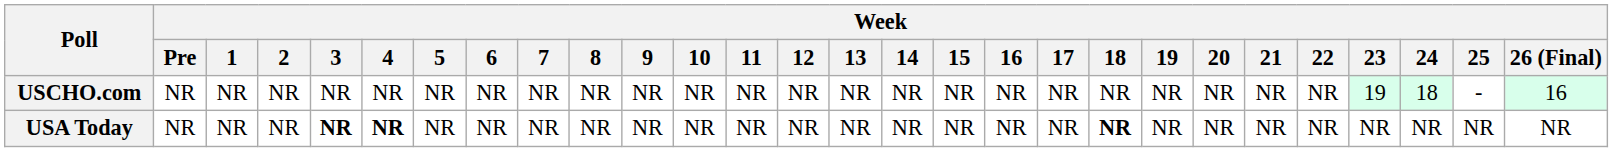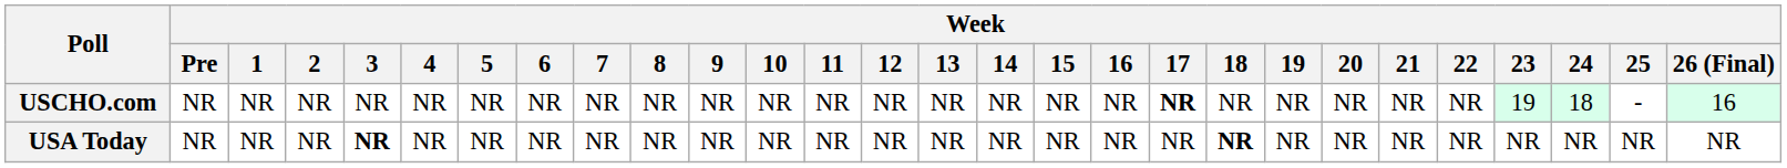 <table class="wikitable" style="white-space:nowrap;">
 <tr>
 <th scope="col" width="100" rowspan="2">Poll</th>
 <th colspan="30">Week</th>
 </tr>
 <tr>
 <th scope="col" width="30">Pre</th>
 <th scope="col" width="30">1</th>
 <th scope="col" width="30">2</th>
 <th scope="col" width="30">3</th>
 <th scope="col" width="30">4</th>
 <th scope="col" width="30">5</th>
 <th scope="col" width="30">6</th>
 <th scope="col" width="30">7</th>
 <th scope="col" width="30">8</th>
 <th scope="col" width="30">9</th>
 <th scope="col" width="30">10</th>
 <th scope="col" width="30">11</th>
 <th scope="col" width="30">12</th>
 <th scope="col" width="30">13</th>
 <th scope="col" width="30">14</th>
 <th scope="col" width="30">15</th>
 <th scope="col" width="30">16</th>
 <th scope="col" width="30">17</th>
 <th scope="col" width="30">18</th>
 <th scope="col" width="30">19</th>
 <th scope="col" width="30">20</th>
 <th scope="col" width="30">21</th>
 <th scope="col" width="30">22</th>
 <th scope="col" width="30">23</th>
 <th scope="col" width="30">24</th>
 <th scope="col" width="30">25</th>
 <th scope="col" width="30">26 (Final)</th>
 </tr>
 <tr style="text-align:center;">
 <th>USCHO.com</th>
 <td bgcolor=FFFFFF>NR</td>
 <td bgcolor=FFFFFF>NR</td>
 <td bgcolor=FFFFFF>NR</td>
 <td bgcolor=FFFFFF>NR</td>
 <td bgcolor=FFFFFF>NR</td>
 <td bgcolor=FFFFFF>NR</td>
 <td bgcolor=FFFFFF>NR</td>
 <td bgcolor=FFFFFF>NR</td>
 <td bgcolor=FFFFFF>NR</td>
 <td bgcolor=FFFFFF>NR</td>
 <td bgcolor=FFFFFF>NR</td>
 <td bgcolor=FFFFFF>NR</td>
 <td bgcolor=FFFFFF>NR</td>
 <td bgcolor=FFFFFF>NR</td>
 <td bgcolor=FFFFFF>NR</td>
 <td bgcolor=FFFFFF>NR</td>
 <td bgcolor=FFFFFF>NR</td>
-<td bgcolor=FFFFFF>NR</td>
+<td bgcolor=FFFFFF><strong>NR</strong></td>
 <td bgcolor=FFFFFF>NR</td>
 <td bgcolor=FFFFFF>NR</td>
 <td bgcolor=FFFFFF>NR</td>
 <td bgcolor=FFFFFF>NR</td>
 <td bgcolor=FFFFFF>NR</td>
 <td bgcolor=D8FFEB>19</td>
 <td bgcolor=D8FFEB>18</td>
 <td bgcolor=FFFFFF>-</td>
 <td bgcolor=D8FFEB>16</td>
 </tr>
 <tr style="text-align:center;">
 <th>USA Today</th>
 <td bgcolor=FFFFFF>NR</td>
 <td bgcolor=FFFFFF>NR</td>
 <td bgcolor=FFFFFF>NR</td>
 <td bgcolor=FFFFFF><strong>NR</strong></td>
-<td bgcolor=FFFFFF><strong>NR</strong></td>
+<td bgcolor=FFFFFF>NR</td>
 <td bgcolor=FFFFFF>NR</td>
 <td bgcolor=FFFFFF>NR</td>
 <td bgcolor=FFFFFF>NR</td>
 <td bgcolor=FFFFFF>NR</td>
 <td bgcolor=FFFFFF>NR</td>
 <td bgcolor=FFFFFF>NR</td>
 <td bgcolor=FFFFFF>NR</td>
 <td bgcolor=FFFFFF>NR</td>
 <td bgcolor=FFFFFF>NR</td>
 <td bgcolor=FFFFFF>NR</td>
 <td bgcolor=FFFFFF>NR</td>
 <td bgcolor=FFFFFF>NR</td>
 <td bgcolor=FFFFFF>NR</td>
 <td bgcolor=FFFFFF><strong>NR</strong></td>
 <td bgcolor=FFFFFF>NR</td>
 <td bgcolor=FFFFFF>NR</td>
 <td bgcolor=FFFFFF>NR</td>
 <td bgcolor=FFFFFF>NR</td>
 <td bgcolor=FFFFFF>NR</td>
 <td bgcolor=FFFFFF>NR</td>
 <td bgcolor=FFFFFF>NR</td>
 <td bgcolor=FFFFFF>NR</td>
 </tr>
 </table>
